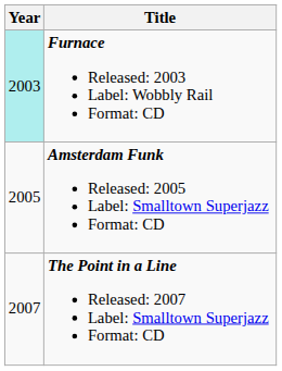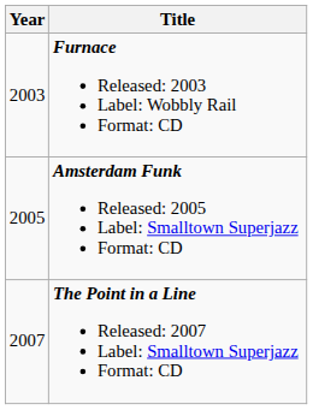 <table class="wikitable">
 <tr>
 <th>Year</th>
 <th style="width:225px;">Title</th>
 </tr>
 <tr>
-<td style="background: paleturquoise;">2003</td>
+<td>2003</td>
 <td style="width:225px;"><strong><em>Furnace</em></strong><br><ul><li>Released: 2003</li><li>Label: Wobbly Rail </li><li>Format: CD</li></ul></td>
 </tr>
 <tr>
 <td>2005</td>
 <td style="width:225px;"><strong><em>Amsterdam Funk</em></strong><br><ul><li>Released: 2005</li><li>Label: <a href='#'>Smalltown Superjazz</a> </li><li>Format: CD</li></ul></td>
 </tr>
 <tr>
 <td>2007</td>
 <td style="width:225px;"><strong><em>The Point in a Line</em></strong><br><ul><li>Released: 2007</li><li>Label: <a href='#'>Smalltown Superjazz</a> </li><li>Format: CD</li></ul></td>
 </tr>
 </table>
